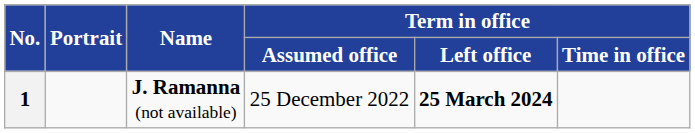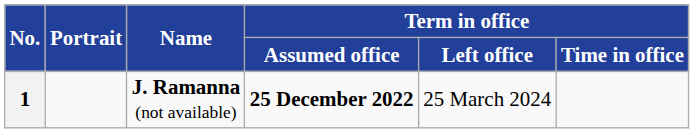 <table class="wikitable sortable" style="text-align:center;">
 <tr>
 <th rowspan=2 style="background-color:#22409A;color:white">No.</th>
 <th rowspan=2 style="background-color:#22409A;color:white">Portrait</th>
 <th rowspan=2 style="background-color:#22409A;color:white">Name<br></th>
 <th colspan=3 style="background-color:#22409A;color:white">Term in office</th>
 </tr>
 <tr>
 <th style="background-color:#22409A;color:white">Assumed office</th>
 <th style="background-color:#22409A;color:white">Left office</th>
 <th style="background-color:#22409A;color:white">Time in office</th>
 </tr>
 <tr>
 <th>1</th>
 <td></td>
 <td><strong>J. Ramanna</strong><br><small>(not available)</small></td>
-<td>25 December 2022</td>
-<td><strong>25 March 2024</strong></td>
+<td><strong>25 December 2022</strong></td>
+<td>25 March 2024</td>
 <td></td>
 </tr>
 </table>
